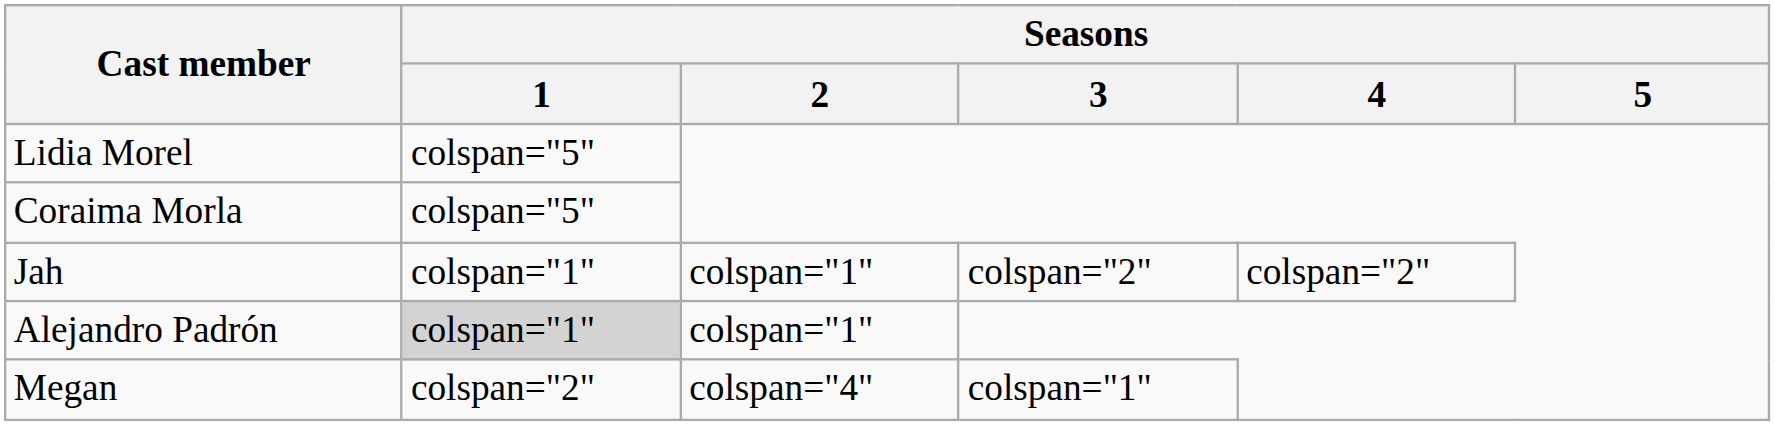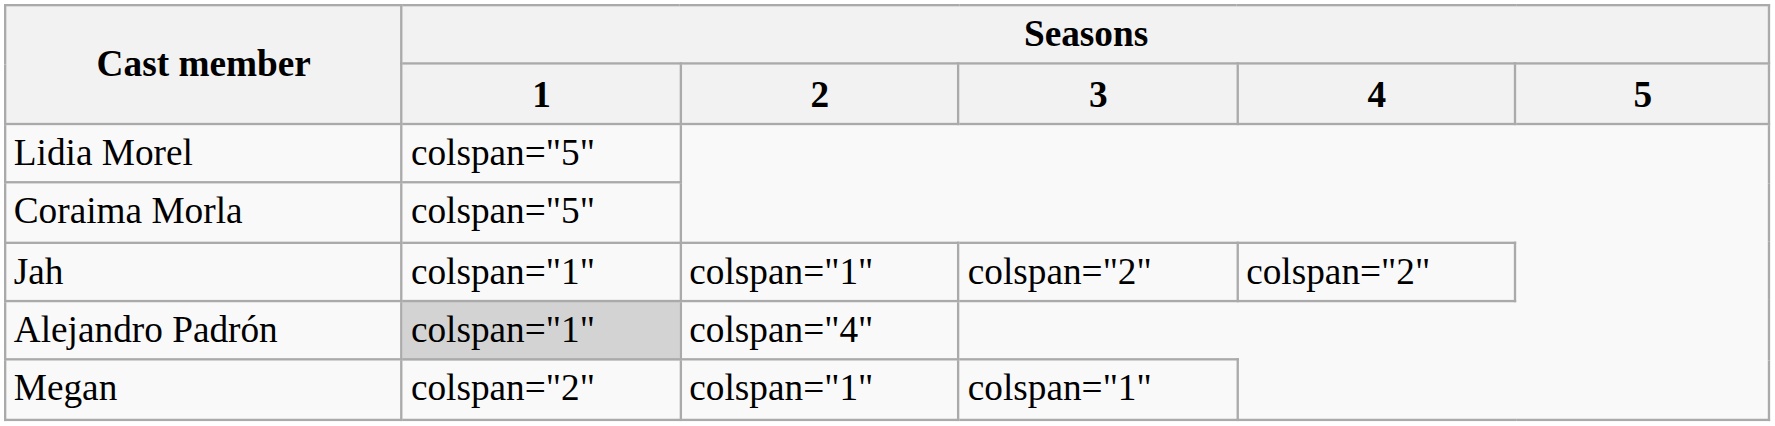 <table class="wikitable plainrowheaders" width="60%">
 <tr>
 <th scope="col" rowspan="2" style="width:15%;">Cast member</th>
 <th scope="col" colspan="5">Seasons</th>
 </tr>
 <tr>
 <th scope="col" style="width:10%;">1</th>
 <th scope="col" style="width:10%;">2</th>
 <th scope="col" style="width:10%;">3</th>
 <th scope="col" style="width:10%;">4</th>
 <th scope="col" style="width:10%;">5</th>
 </tr>
 <tr>
 <td nowrap="">Lidia Morel</td>
 <td>colspan="5" </td>
 </tr>
 <tr>
 <td nowrap="">Coraima Morla</td>
 <td>colspan="5" </td>
 </tr>
 <tr>
 <td nowrap>Jah</td>
 <td>colspan="1" </td>
 <td>colspan="1" </td>
 <td>colspan="2" </td>
 <td>colspan="2" </td>
 </tr>
 <tr>
 <td nowrap>Alejandro Padrón</td>
 <td style="background: lightgrey;">colspan="1" </td>
-<td>colspan="1" </td>
+<td>colspan="4" </td>
 </tr>
 <tr>
 <td nowrap>Megan</td>
 <td>colspan="2" </td>
-<td>colspan="4" </td>
+<td>colspan="1" </td>
 <td>colspan="1" </td>
 </tr>
 </table>
